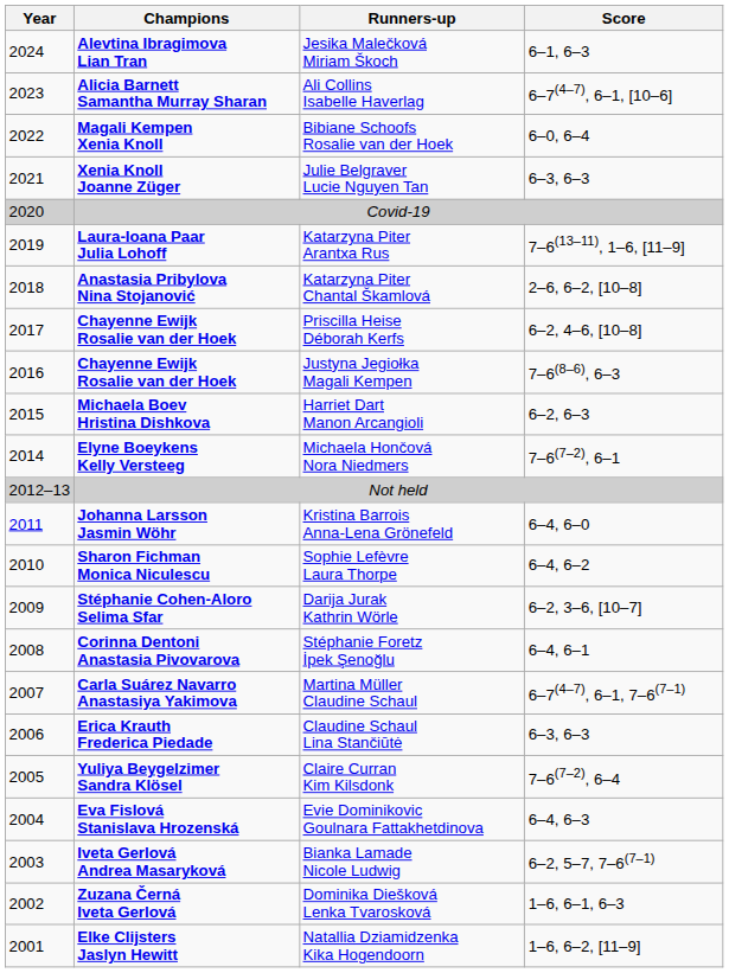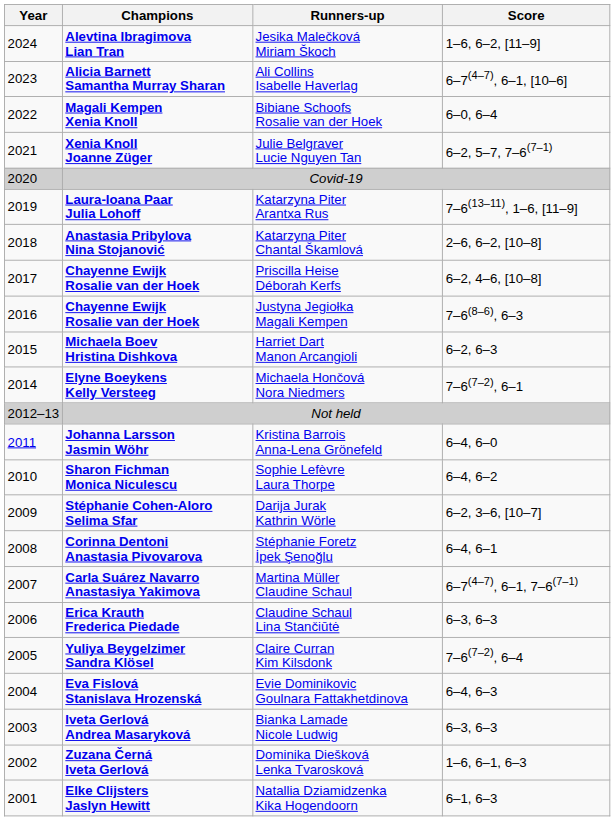 <table class="wikitable" style="font-size:90%">
 <tr>
 <th>Year</th>
 <th width="200">Champions</th>
 <th width="200">Runners-up</th>
 <th width="175">Score</th>
 </tr>
 <tr>
 <td>2024</td>
 <td> <strong><a href='#'>Alevtina Ibragimova</a></strong> <br>  <strong><a href='#'>Lian Tran</a></strong></td>
 <td> <a href='#'>Jesika Malečková</a> <br>  <a href='#'>Miriam Škoch</a></td>
-<td>6–1, 6–3</td>
+<td>1–6, 6–2, [11–9]</td>
 </tr>
 <tr>
 <td>2023</td>
 <td> <strong><a href='#'>Alicia Barnett</a></strong> <br>  <strong><a href='#'>Samantha Murray Sharan</a></strong></td>
 <td> <a href='#'>Ali Collins</a> <br>  <a href='#'>Isabelle Haverlag</a></td>
 <td>6–7<sup>(4–7)</sup>, 6–1, [10–6]</td>
 </tr>
 <tr>
 <td>2022</td>
 <td> <strong><a href='#'>Magali Kempen</a></strong> <br>  <strong><a href='#'>Xenia Knoll</a></strong></td>
 <td> <a href='#'>Bibiane Schoofs</a> <br>  <a href='#'>Rosalie van der Hoek</a></td>
 <td>6–0, 6–4</td>
 </tr>
 <tr>
 <td>2021</td>
 <td> <strong><a href='#'>Xenia Knoll</a></strong> <br>  <strong><a href='#'>Joanne Züger</a></strong></td>
 <td> <a href='#'>Julie Belgraver</a> <br>  <a href='#'>Lucie Nguyen Tan</a></td>
-<td>6–3, 6–3</td>
+<td>6–2, 5–7, 7–6<sup>(7–1)</sup></td>
 </tr>
 <tr>
 <td style="background:#cfcfcf">2020</td>
 <td colspan=4 align=center style="background:#cfcfcf"><em>Covid-19</em></td>
 </tr>
 <tr>
 <td>2019</td>
 <td> <strong><a href='#'>Laura-Ioana Paar</a></strong> <br>  <strong><a href='#'>Julia Lohoff</a></strong></td>
 <td> <a href='#'>Katarzyna Piter</a> <br>  <a href='#'>Arantxa Rus</a></td>
 <td>7–6<sup>(13–11)</sup>, 1–6, [11–9]</td>
 </tr>
 <tr>
 <td>2018</td>
 <td> <strong><a href='#'>Anastasia Pribylova</a></strong> <br>  <strong><a href='#'>Nina Stojanović</a></strong></td>
 <td> <a href='#'>Katarzyna Piter</a> <br>  <a href='#'>Chantal Škamlová</a></td>
 <td>2–6, 6–2, [10–8]</td>
 </tr>
 <tr>
 <td>2017</td>
 <td> <strong><a href='#'>Chayenne Ewijk</a></strong> <br>  <strong><a href='#'>Rosalie van der Hoek</a></strong></td>
 <td> <a href='#'>Priscilla Heise</a> <br>  <a href='#'>Déborah Kerfs</a></td>
 <td>6–2, 4–6, [10–8]</td>
 </tr>
 <tr>
 <td>2016</td>
 <td> <strong><a href='#'>Chayenne Ewijk</a></strong> <br>  <strong><a href='#'>Rosalie van der Hoek</a></strong></td>
 <td> <a href='#'>Justyna Jegiołka</a> <br>  <a href='#'>Magali Kempen</a></td>
 <td>7–6<sup>(8–6)</sup>, 6–3</td>
 </tr>
 <tr>
 <td>2015</td>
 <td> <strong><a href='#'>Michaela Boev</a></strong> <br>  <strong><a href='#'>Hristina Dishkova</a></strong></td>
 <td> <a href='#'>Harriet Dart</a> <br>  <a href='#'>Manon Arcangioli</a></td>
 <td>6–2, 6–3</td>
 </tr>
 <tr>
 <td>2014</td>
 <td> <strong><a href='#'>Elyne Boeykens</a></strong> <br>  <strong><a href='#'>Kelly Versteeg</a></strong></td>
 <td> <a href='#'>Michaela Hončová</a> <br>  <a href='#'>Nora Niedmers</a></td>
 <td>7–6<sup>(7–2)</sup>, 6–1</td>
 </tr>
 <tr>
 <td style="background:#cfcfcf">2012–13</td>
 <td colspan=4 align=center style="background:#cfcfcf"><em>Not held</em></td>
 </tr>
 <tr>
 <td><a href='#'>2011</a></td>
 <td> <strong><a href='#'>Johanna Larsson</a></strong> <br>  <strong><a href='#'>Jasmin Wöhr</a></strong></td>
 <td> <a href='#'>Kristina Barrois</a> <br>  <a href='#'>Anna-Lena Grönefeld</a></td>
 <td>6–4, 6–0</td>
 </tr>
 <tr>
 <td>2010</td>
 <td> <strong><a href='#'>Sharon Fichman</a></strong> <br>  <strong><a href='#'>Monica Niculescu</a></strong></td>
 <td> <a href='#'>Sophie Lefèvre</a> <br>  <a href='#'>Laura Thorpe</a></td>
 <td>6–4, 6–2</td>
 </tr>
 <tr>
 <td>2009</td>
 <td> <strong><a href='#'>Stéphanie Cohen-Aloro</a></strong> <br>  <strong><a href='#'>Selima Sfar</a></strong></td>
 <td> <a href='#'>Darija Jurak</a> <br>  <a href='#'>Kathrin Wörle</a></td>
 <td>6–2, 3–6, [10–7]</td>
 </tr>
 <tr>
 <td>2008</td>
 <td> <strong><a href='#'>Corinna Dentoni</a></strong> <br>  <strong><a href='#'>Anastasia Pivovarova</a></strong></td>
 <td> <a href='#'>Stéphanie Foretz</a> <br>  <a href='#'>İpek Şenoğlu</a></td>
 <td>6–4, 6–1</td>
 </tr>
 <tr>
 <td>2007</td>
 <td> <strong><a href='#'>Carla Suárez Navarro</a></strong> <br>  <strong><a href='#'>Anastasiya Yakimova</a></strong></td>
 <td> <a href='#'>Martina Müller</a> <br>  <a href='#'>Claudine Schaul</a></td>
 <td>6–7<sup>(4–7)</sup>, 6–1, 7–6<sup>(7–1)</sup></td>
 </tr>
 <tr>
 <td>2006</td>
 <td> <strong><a href='#'>Erica Krauth</a></strong> <br>  <strong><a href='#'>Frederica Piedade</a></strong></td>
 <td> <a href='#'>Claudine Schaul</a> <br>  <a href='#'>Lina Stančiūtė</a></td>
 <td>6–3, 6–3</td>
 </tr>
 <tr>
 <td>2005</td>
 <td> <strong><a href='#'>Yuliya Beygelzimer</a></strong> <br>  <strong><a href='#'>Sandra Klösel</a></strong></td>
 <td> <a href='#'>Claire Curran</a> <br>  <a href='#'>Kim Kilsdonk</a></td>
 <td>7–6<sup>(7–2)</sup>, 6–4</td>
 </tr>
 <tr>
 <td>2004</td>
 <td> <strong><a href='#'>Eva Fislová</a></strong> <br>  <strong><a href='#'>Stanislava Hrozenská</a></strong></td>
 <td> <a href='#'>Evie Dominikovic</a> <br>  <a href='#'>Goulnara Fattakhetdinova</a></td>
 <td>6–4, 6–3</td>
 </tr>
 <tr>
 <td>2003</td>
 <td> <strong><a href='#'>Iveta Gerlová</a></strong> <br>  <strong><a href='#'>Andrea Masaryková</a></strong></td>
 <td> <a href='#'>Bianka Lamade</a> <br>  <a href='#'>Nicole Ludwig</a></td>
-<td>6–2, 5–7, 7–6<sup>(7–1)</sup></td>
+<td>6–3, 6–3</td>
 </tr>
 <tr>
 <td>2002</td>
 <td> <strong><a href='#'>Zuzana Černá</a></strong> <br>  <strong><a href='#'>Iveta Gerlová</a></strong></td>
 <td> <a href='#'>Dominika Diešková</a> <br>  <a href='#'>Lenka Tvarosková</a></td>
 <td>1–6, 6–1, 6–3</td>
 </tr>
 <tr>
 <td>2001</td>
 <td> <strong><a href='#'>Elke Clijsters</a></strong> <br>  <strong><a href='#'>Jaslyn Hewitt</a></strong></td>
 <td> <a href='#'>Natallia Dziamidzenka</a> <br>  <a href='#'>Kika Hogendoorn</a></td>
-<td>1–6, 6–2, [11–9]</td>
+<td>6–1, 6–3</td>
 </tr>
 </table>
